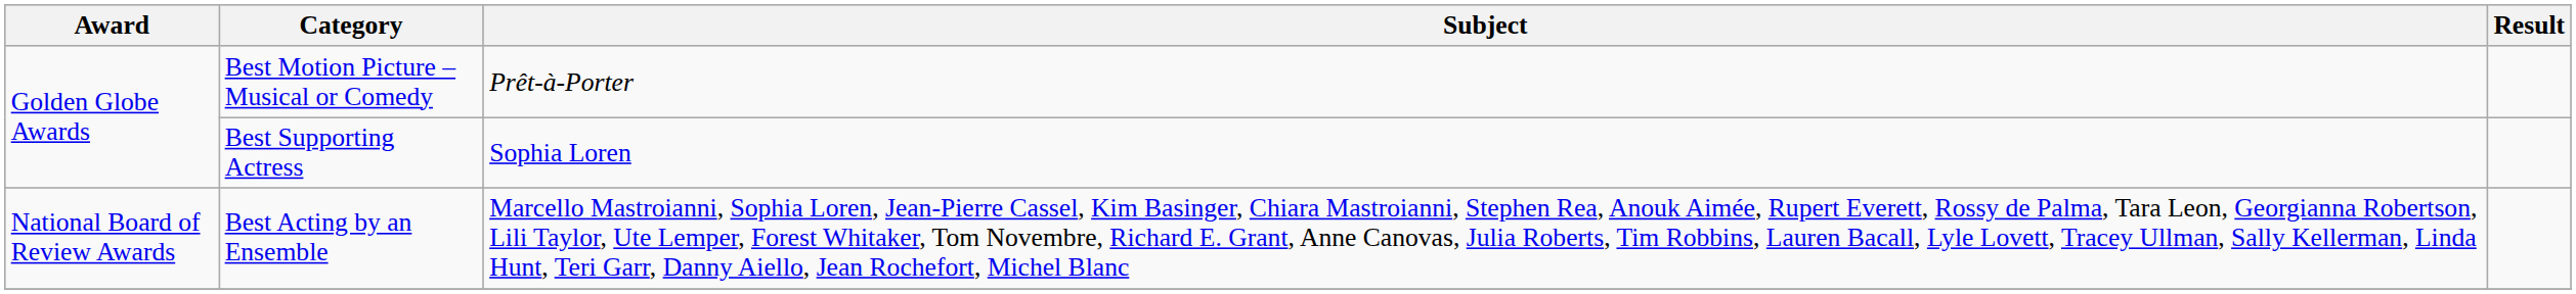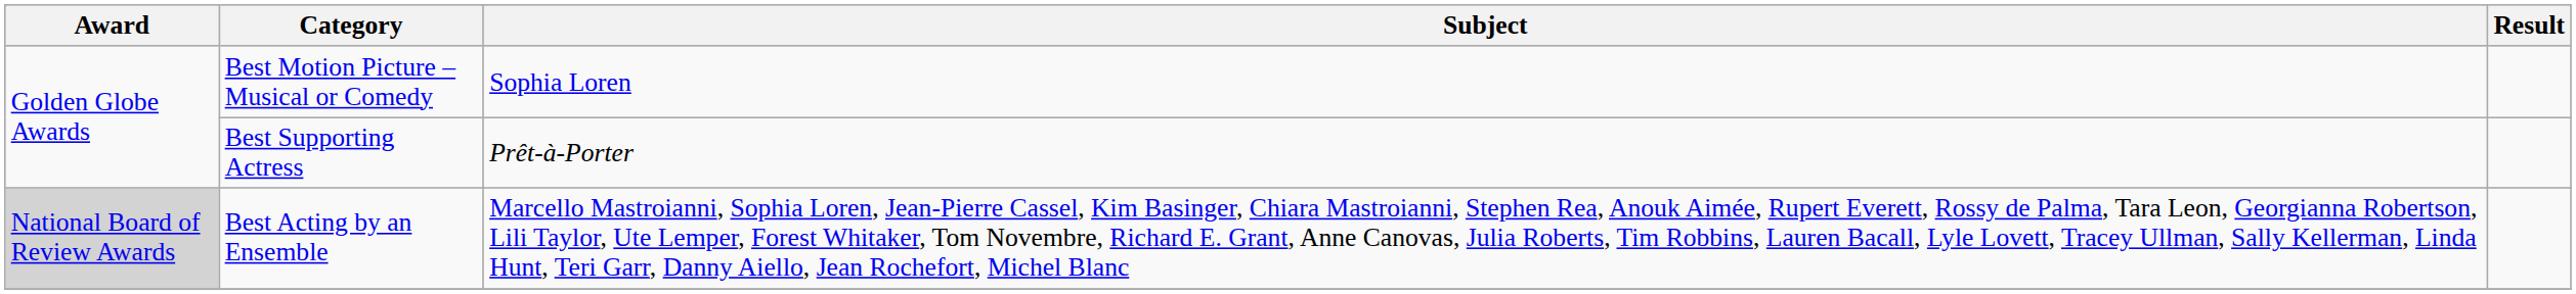 <table class="wikitable">
 <tr>
 <th>Award</th>
 <th>Category</th>
 <th>Subject</th>
 <th>Result</th>
 </tr>
 <tr>
 <td rowspan=2><a href='#'>Golden Globe Awards</a></td>
 <td><a href='#'>Best Motion Picture – Musical or Comedy</a></td>
+<td><a href='#'>Sophia Loren</a></td>
+<td></td>
+</tr>
+<tr>
+<td><a href='#'>Best Supporting Actress</a></td>
 <td><em>Prêt-à-Porter</em></td>
 <td></td>
 </tr>
 <tr>
-<td><a href='#'>Best Supporting Actress</a></td>
-<td><a href='#'>Sophia Loren</a></td>
-<td></td>
-</tr>
-<tr>
-<td rowspan=1><a href='#'>National Board of Review Awards</a></td>
+<td rowspan=1 style="background: lightgrey;"><a href='#'>National Board of Review Awards</a></td>
 <td><a href='#'>Best Acting by an Ensemble</a></td>
 <td><a href='#'>Marcello Mastroianni</a>, <a href='#'>Sophia Loren</a>, <a href='#'>Jean-Pierre Cassel</a>, <a href='#'>Kim Basinger</a>, <a href='#'>Chiara Mastroianni</a>, <a href='#'>Stephen Rea</a>, <a href='#'>Anouk Aimée</a>, <a href='#'>Rupert Everett</a>, <a href='#'>Rossy de Palma</a>, Tara Leon, <a href='#'>Georgianna Robertson</a>, <a href='#'>Lili Taylor</a>, <a href='#'>Ute Lemper</a>, <a href='#'>Forest Whitaker</a>, Tom Novembre, <a href='#'>Richard E. Grant</a>, Anne Canovas, <a href='#'>Julia Roberts</a>, <a href='#'>Tim Robbins</a>, <a href='#'>Lauren Bacall</a>, <a href='#'>Lyle Lovett</a>, <a href='#'>Tracey Ullman</a>, <a href='#'>Sally Kellerman</a>, <a href='#'>Linda Hunt</a>, <a href='#'>Teri Garr</a>, <a href='#'>Danny Aiello</a>, <a href='#'>Jean Rochefort</a>, <a href='#'>Michel Blanc</a></td>
 <td></td>
 </tr>
 <tr>
 </tr>
 </table>
